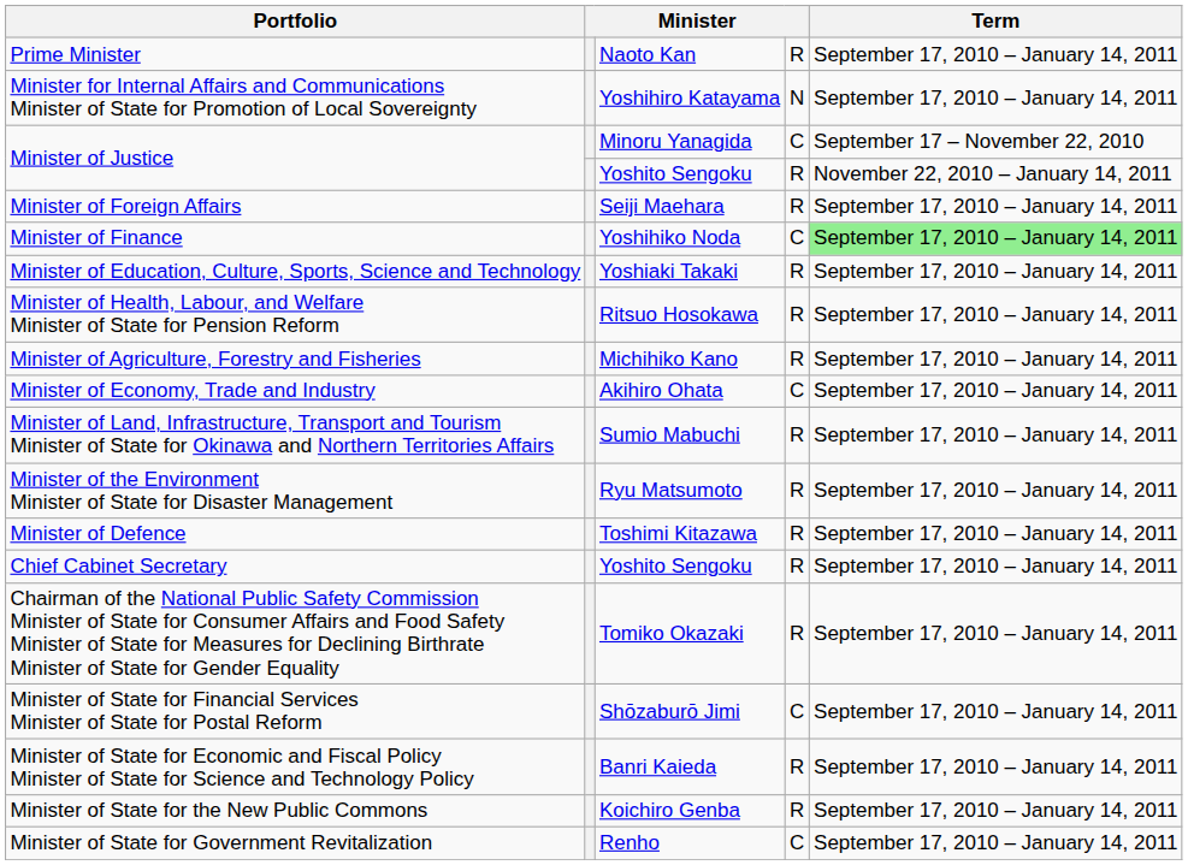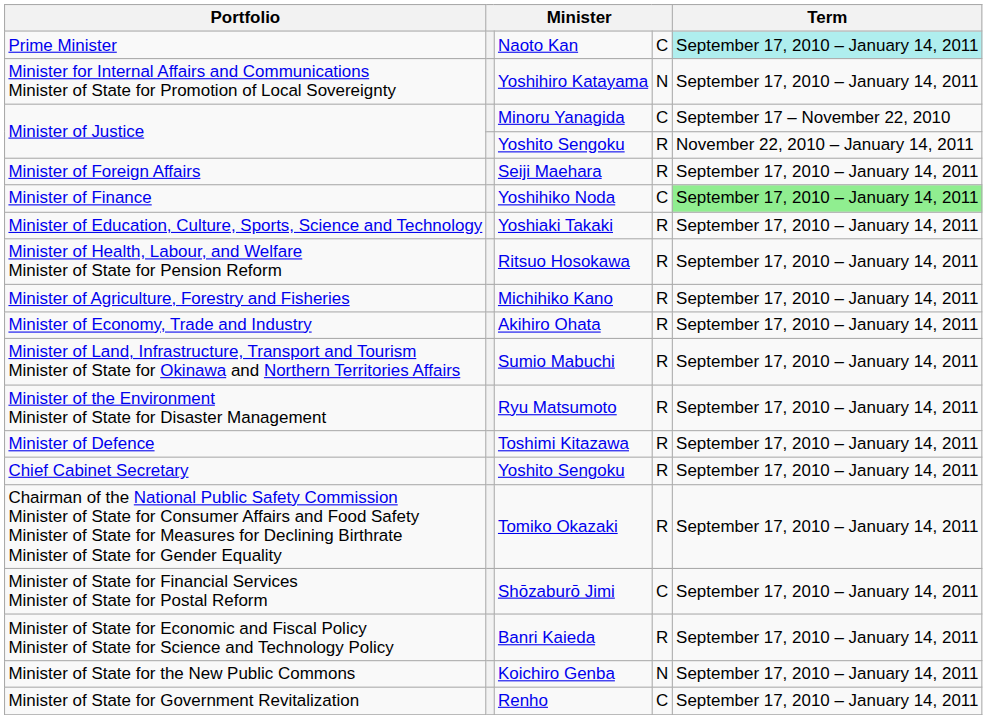 <table class="wikitable">
 <tr>
 <th>Portfolio</th>
 <th colspan=3>Minister</th>
 <th colspan=2>Term</th>
 </tr>
 <tr>
 <td><a href='#'>Prime Minister</a></td>
 <th style="color:inherit;background-color: "></th>
 <td><a href='#'>Naoto Kan</a></td>
-<td>R</td>
-<td>September 17, 2010 – January 14, 2011</td>
+<td>C</td>
+<td style="background: paleturquoise;">September 17, 2010 – January 14, 2011</td>
 </tr>
 <tr>
 <td><a href='#'>Minister for Internal Affairs and Communications</a> <br> Minister of State for Promotion of Local Sovereignty</td>
 <th style="color:inherit;background-color: "></th>
 <td><a href='#'>Yoshihiro Katayama</a></td>
 <td>N</td>
 <td>September 17, 2010 – January 14, 2011</td>
 </tr>
 <tr>
 <td rowspan="2"><a href='#'>Minister of Justice</a></td>
 <th style="color:inherit;background-color: "></th>
 <td><a href='#'>Minoru Yanagida</a></td>
 <td>C</td>
 <td>September 17 – November 22, 2010</td>
 </tr>
 <tr>
 <th style="color:inherit;background-color: "></th>
 <td><a href='#'>Yoshito Sengoku</a></td>
 <td>R</td>
 <td>November 22, 2010 – January 14, 2011</td>
 </tr>
 <tr>
 <td><a href='#'>Minister of Foreign Affairs</a></td>
 <th style="color:inherit;background-color: "></th>
 <td><a href='#'>Seiji Maehara</a></td>
 <td>R</td>
 <td>September 17, 2010 – January 14, 2011</td>
 </tr>
 <tr>
 <td><a href='#'>Minister of Finance</a></td>
 <th style="color:inherit;background-color: "></th>
 <td><a href='#'>Yoshihiko Noda</a></td>
 <td>C</td>
 <td style="background: lightgreen;">September 17, 2010 – January 14, 2011</td>
 </tr>
 <tr>
 <td><a href='#'>Minister of Education, Culture, Sports, Science and Technology</a></td>
 <th style="color:inherit;background-color: "></th>
 <td><a href='#'>Yoshiaki Takaki</a></td>
 <td>R</td>
 <td>September 17, 2010 – January 14, 2011</td>
 </tr>
 <tr>
 <td><a href='#'>Minister of Health, Labour, and Welfare</a> <br> Minister of State for Pension Reform</td>
 <th style="color:inherit;background-color: "></th>
 <td><a href='#'>Ritsuo Hosokawa</a></td>
 <td>R</td>
 <td>September 17, 2010 – January 14, 2011</td>
 </tr>
 <tr>
 <td><a href='#'>Minister of Agriculture, Forestry and Fisheries</a></td>
 <th style="color:inherit;background-color: "></th>
 <td><a href='#'>Michihiko Kano</a></td>
 <td>R</td>
 <td>September 17, 2010 – January 14, 2011</td>
 </tr>
 <tr>
 <td><a href='#'>Minister of Economy, Trade and Industry</a></td>
 <th style="color:inherit;background-color: "></th>
 <td><a href='#'>Akihiro Ohata</a></td>
-<td>C</td>
+<td>R</td>
 <td>September 17, 2010 – January 14, 2011</td>
 </tr>
 <tr>
 <td><a href='#'>Minister of Land, Infrastructure, Transport and Tourism</a> <br> Minister of State for <a href='#'>Okinawa</a> and <a href='#'>Northern Territories Affairs</a></td>
 <th style="color:inherit;background-color: "></th>
 <td><a href='#'>Sumio Mabuchi</a></td>
 <td>R</td>
 <td>September 17, 2010 – January 14, 2011</td>
 </tr>
 <tr>
 <td><a href='#'>Minister of the Environment</a> <br> Minister of State for Disaster Management</td>
 <th style="color:inherit;background-color: "></th>
 <td><a href='#'>Ryu Matsumoto</a></td>
 <td>R</td>
 <td>September 17, 2010 – January 14, 2011</td>
 </tr>
 <tr>
 <td><a href='#'>Minister of Defence</a></td>
 <th style="color:inherit;background-color: "></th>
 <td><a href='#'>Toshimi Kitazawa</a></td>
 <td>R</td>
 <td>September 17, 2010 – January 14, 2011</td>
 </tr>
 <tr>
 <td><a href='#'>Chief Cabinet Secretary</a></td>
 <th style="color:inherit;background-color: "></th>
 <td><a href='#'>Yoshito Sengoku</a></td>
 <td>R</td>
 <td>September 17, 2010 – January 14, 2011</td>
 </tr>
 <tr>
 <td>Chairman of the <a href='#'>National Public Safety Commission</a> <br> Minister of State for Consumer Affairs and Food Safety <br> Minister of State for Measures for Declining Birthrate <br> Minister of State for Gender Equality</td>
 <th style="color:inherit;background-color: "></th>
 <td><a href='#'>Tomiko Okazaki</a></td>
 <td>R</td>
 <td>September 17, 2010 – January 14, 2011</td>
 </tr>
 <tr>
 <td>Minister of State for Financial Services <br> Minister of State for Postal Reform</td>
 <th style="color:inherit;background-color: "></th>
 <td><a href='#'>Shōzaburō Jimi</a></td>
 <td>C</td>
 <td>September 17, 2010 – January 14, 2011</td>
 </tr>
 <tr>
 <td>Minister of State for Economic and Fiscal Policy <br> Minister of State for Science and Technology Policy</td>
 <th style="color:inherit;background-color: "></th>
 <td><a href='#'>Banri Kaieda</a></td>
 <td>R</td>
 <td>September 17, 2010 – January 14, 2011</td>
 </tr>
 <tr>
 <td>Minister of State for the New Public Commons</td>
 <th style="color:inherit;background-color: "></th>
 <td><a href='#'>Koichiro Genba</a></td>
-<td>R</td>
+<td>N</td>
 <td>September 17, 2010 – January 14, 2011</td>
 </tr>
 <tr>
 <td>Minister of State for Government Revitalization</td>
 <th style="color:inherit;background-color: "></th>
 <td><a href='#'>Renho</a></td>
 <td>C</td>
 <td>September 17, 2010 – January 14, 2011</td>
 </tr>
 </table>
